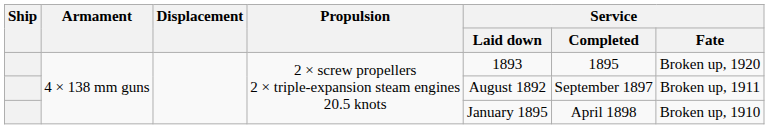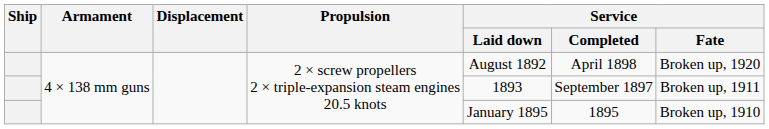 <table class="wikitable plainrowheaders" style="text-align: center;">
 <tr valign="top">
 <th scope="col" rowspan="2">Ship</th>
 <th scope="col" rowspan="2">Armament</th>
 <th scope="col" rowspan="2">Displacement</th>
 <th scope="col" rowspan="2">Propulsion</th>
 <th scope="col" colspan="3">Service</th>
 </tr>
 <tr valign="top">
 <th scope="col">Laid down</th>
 <th scope="col">Completed</th>
 <th scope="col">Fate</th>
 </tr>
 <tr valign="center">
 <th scope="row"></th>
 <td rowspan="3">4 × 138 mm guns</td>
 <td rowspan="3"></td>
 <td rowspan="3">2 × screw propellers<br>2 × triple-expansion steam engines<br>20.5 knots</td>
-<td>1893</td>
-<td>1895</td>
+<td>August 1892</td>
+<td>April 1898</td>
 <td>Broken up, 1920</td>
 </tr>
 <tr valign="center">
 <th scope="row"></th>
-<td>August 1892</td>
+<td>1893</td>
 <td>September 1897</td>
 <td>Broken up, 1911</td>
 </tr>
 <tr valign="center">
 <th scope="row"></th>
 <td>January 1895</td>
-<td>April 1898</td>
+<td>1895</td>
 <td>Broken up, 1910</td>
 </tr>
 </table>
